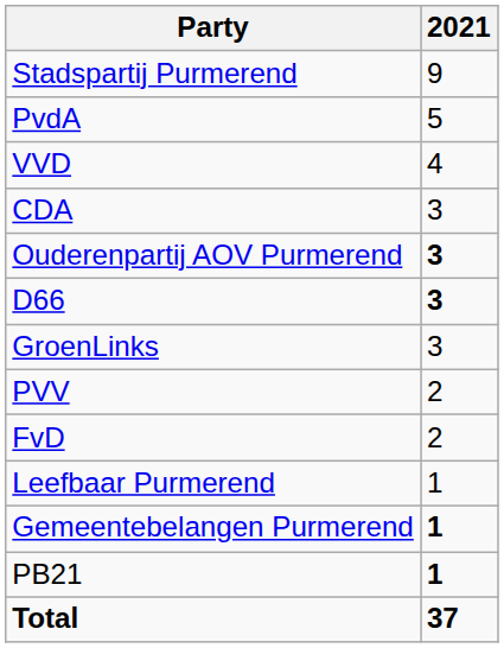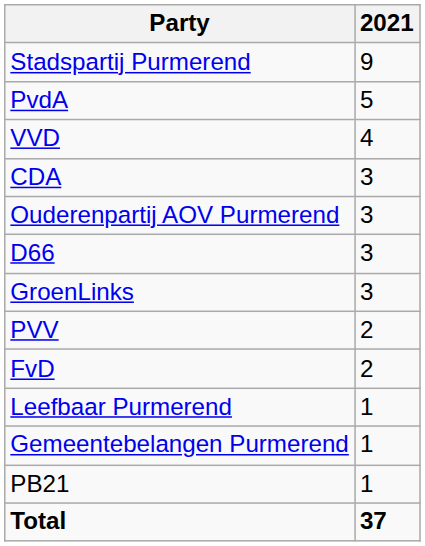 <table class="wikitable">
 <tr>
 <th>Party</th>
 <th>2021</th>
 </tr>
 <tr>
 <td><a href='#'>Stadspartij Purmerend</a></td>
 <td>9</td>
 </tr>
 <tr>
 <td><a href='#'>PvdA</a></td>
 <td>5</td>
 </tr>
 <tr>
 <td><a href='#'>VVD</a></td>
 <td>4</td>
 </tr>
 <tr>
 <td><a href='#'>CDA</a></td>
 <td>3</td>
 </tr>
 <tr>
 <td><a href='#'>Ouderenpartij AOV Purmerend</a></td>
-<td><strong>3</strong></td>
+<td>3</td>
 </tr>
 <tr>
 <td><a href='#'>D66</a></td>
-<td><strong>3</strong></td>
+<td>3</td>
 </tr>
 <tr>
 <td><a href='#'>GroenLinks</a></td>
 <td>3</td>
 </tr>
 <tr>
 <td><a href='#'>PVV</a></td>
 <td>2</td>
 </tr>
 <tr>
 <td><a href='#'>FvD</a></td>
 <td>2</td>
 </tr>
 <tr>
 <td><a href='#'>Leefbaar Purmerend</a></td>
 <td>1</td>
 </tr>
 <tr>
 <td><a href='#'>Gemeentebelangen Purmerend</a></td>
-<td><strong>1</strong></td>
+<td>1</td>
 </tr>
 <tr>
 <td>PB21</td>
-<td><strong>1</strong></td>
+<td>1</td>
 </tr>
 <tr>
 <td><strong>Total</strong></td>
 <td><strong>37</strong></td>
 </tr>
 </table>
